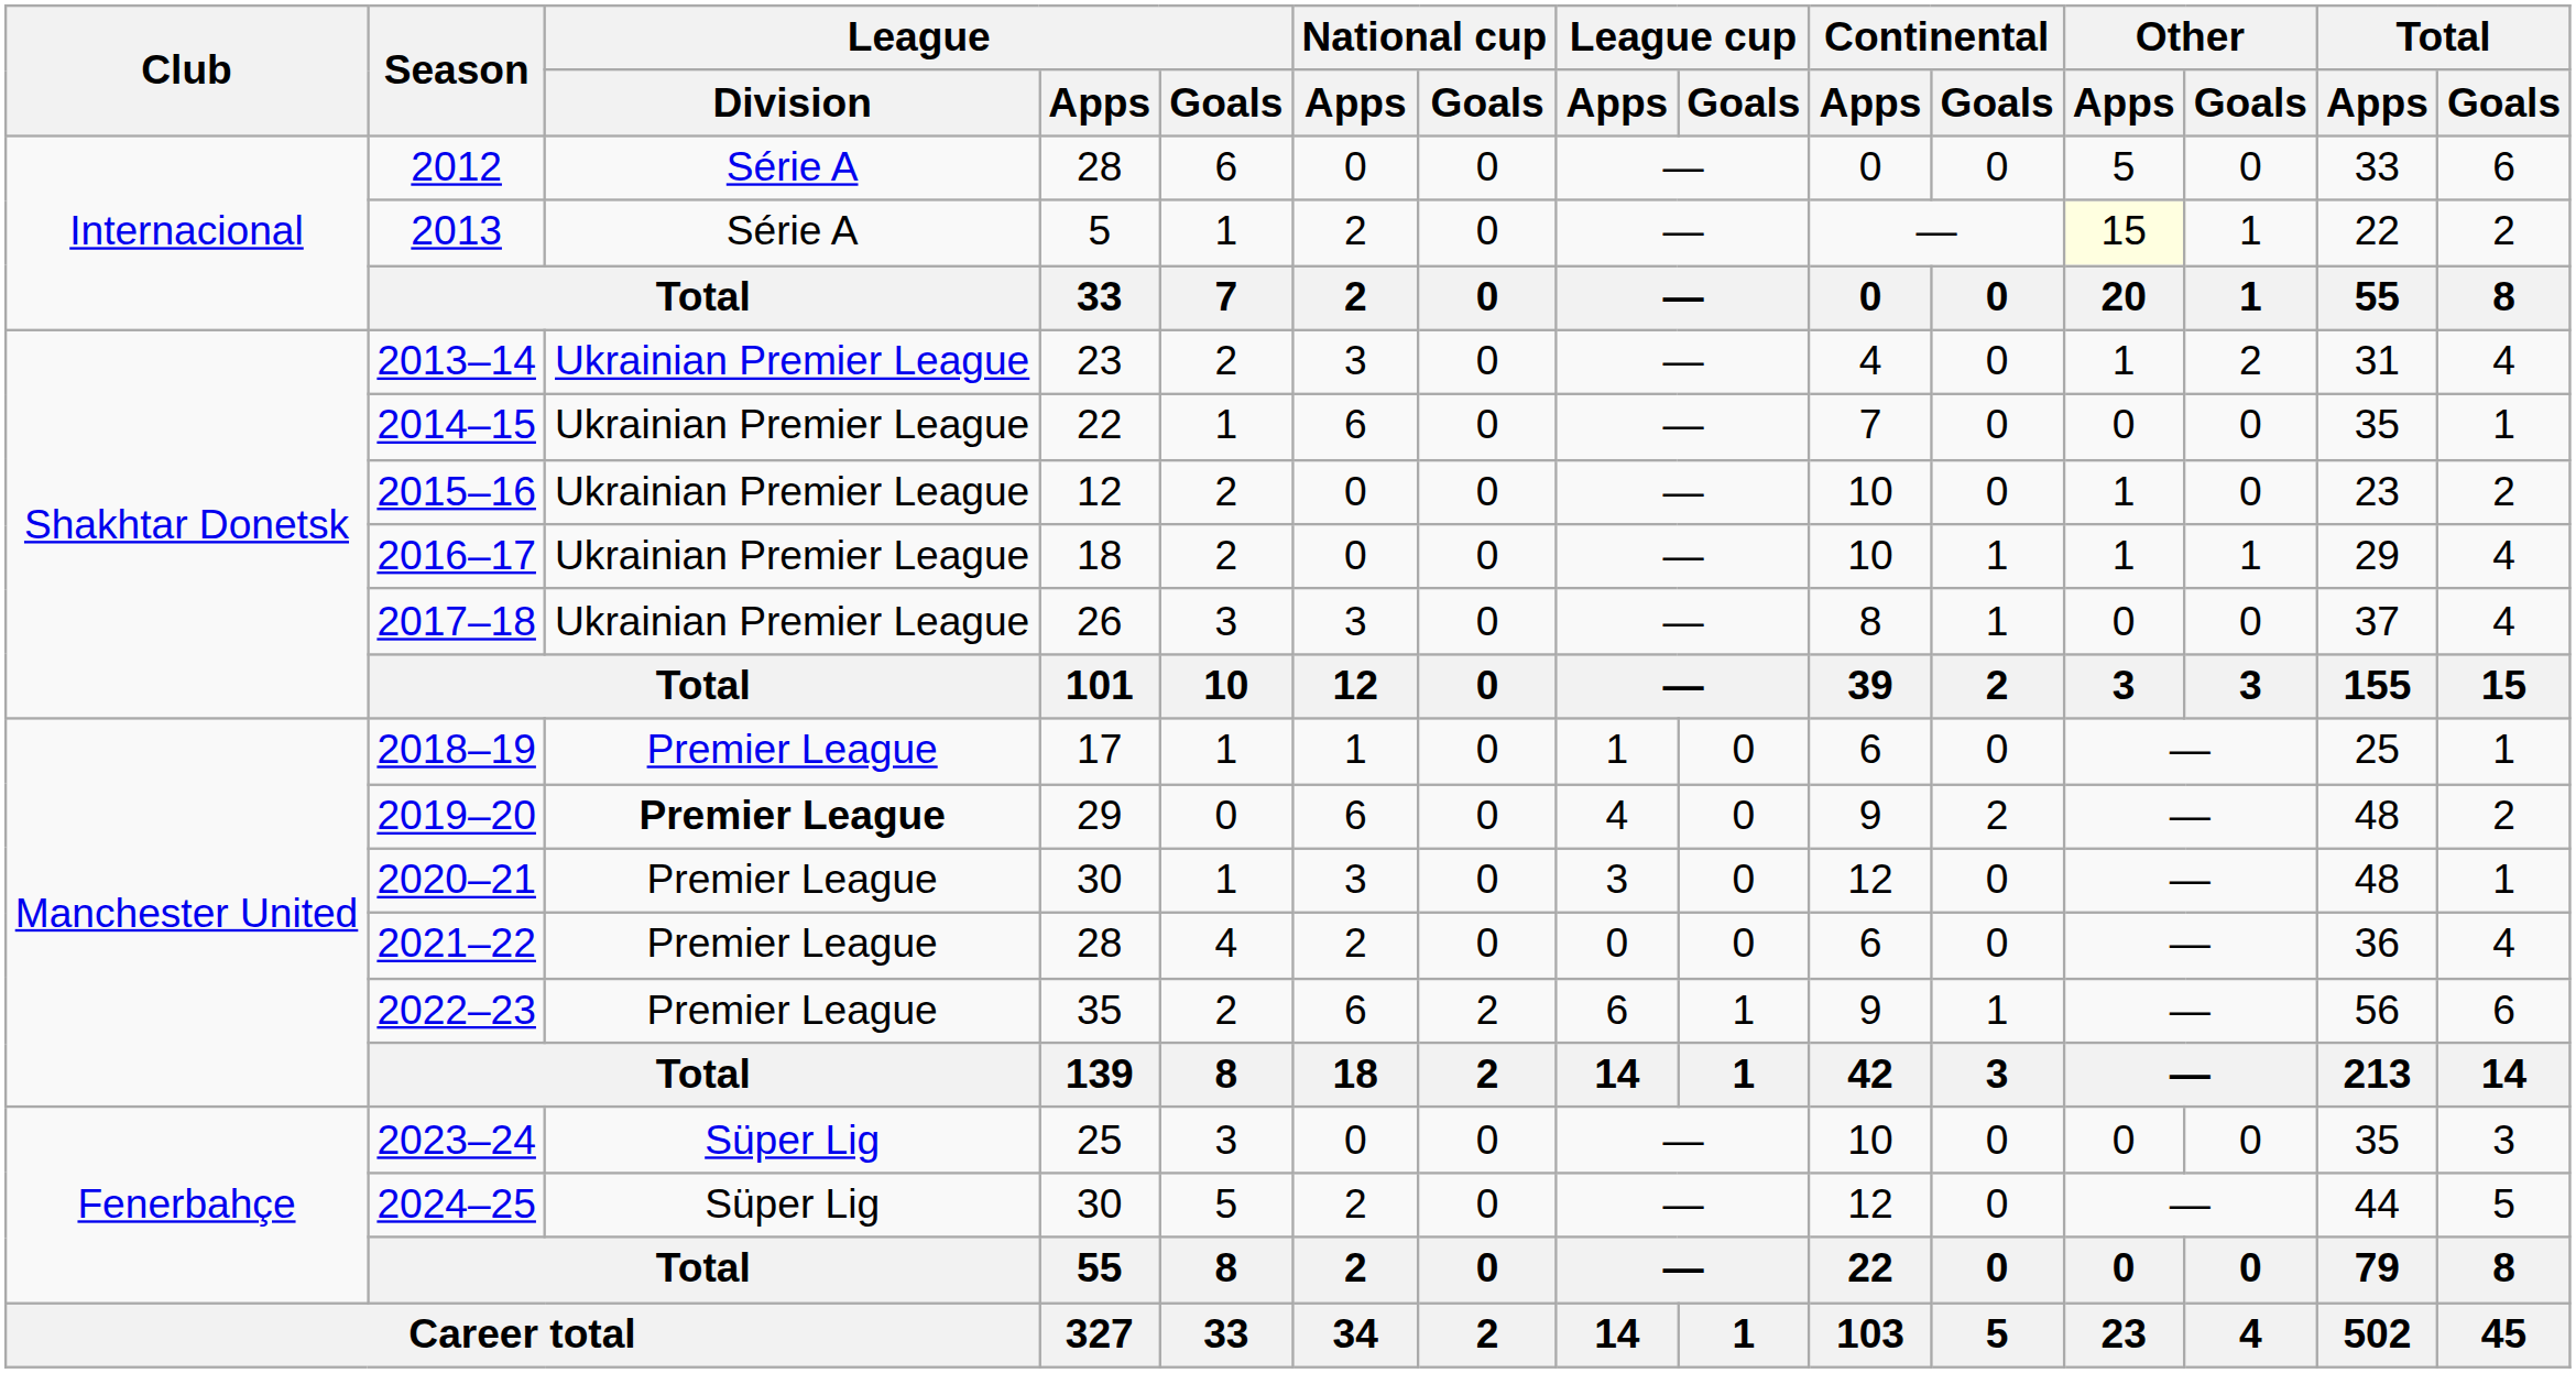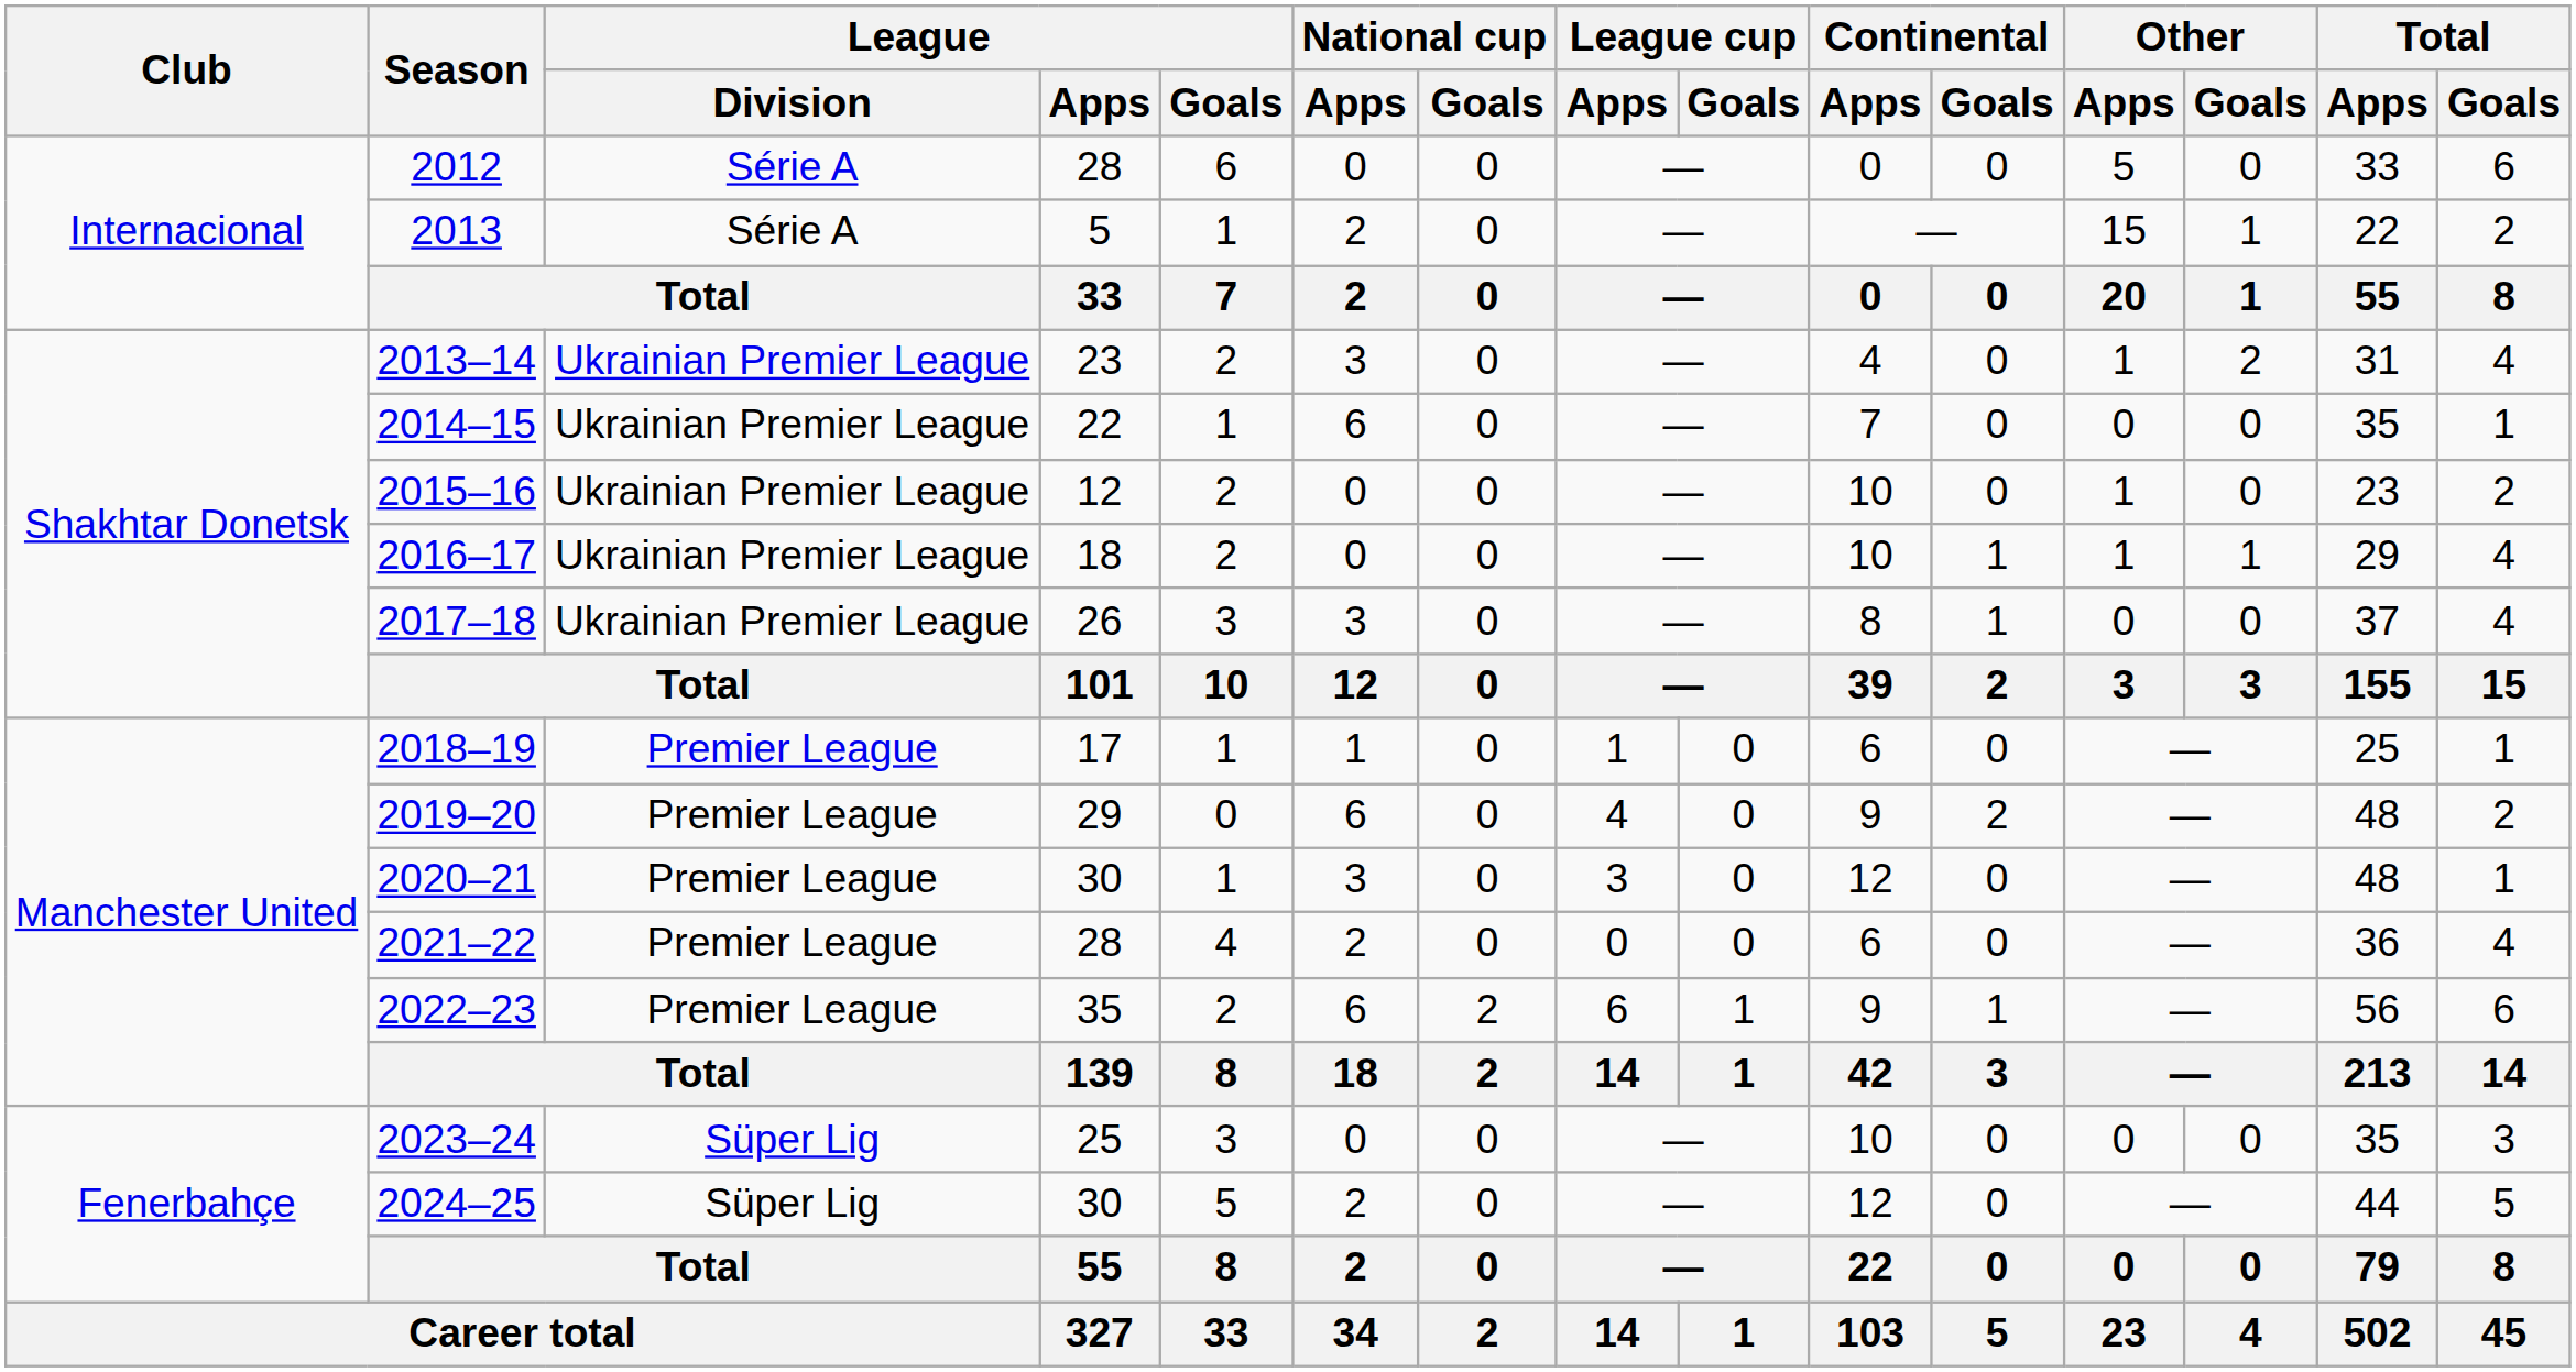 <table class="wikitable" style="text-align:center">
 <tr>
 <th rowspan="2">Club</th>
 <th rowspan="2">Season</th>
 <th colspan="3">League</th>
 <th colspan="2">National cup</th>
 <th colspan="2">League cup</th>
 <th colspan="2">Continental</th>
 <th colspan="2">Other</th>
 <th colspan="2">Total</th>
 </tr>
 <tr>
 <th>Division</th>
 <th>Apps</th>
 <th>Goals</th>
 <th>Apps</th>
 <th>Goals</th>
 <th>Apps</th>
 <th>Goals</th>
 <th>Apps</th>
 <th>Goals</th>
 <th>Apps</th>
 <th>Goals</th>
 <th>Apps</th>
 <th>Goals</th>
 </tr>
 <tr>
 <td rowspan="3"><a href='#'>Internacional</a></td>
 <td><a href='#'>2012</a></td>
 <td><a href='#'>Série A</a></td>
 <td>28</td>
 <td>6</td>
 <td>0</td>
 <td>0</td>
 <td colspan="2">—</td>
 <td>0</td>
 <td>0</td>
 <td>5</td>
 <td>0</td>
 <td>33</td>
 <td>6</td>
 </tr>
 <tr>
 <td><a href='#'>2013</a></td>
 <td>Série A</td>
 <td>5</td>
 <td>1</td>
 <td>2</td>
 <td>0</td>
 <td colspan="2">—</td>
 <td colspan="2">—</td>
-<td style="background: lightyellow;">15</td>
+<td>15</td>
 <td>1</td>
 <td>22</td>
 <td>2</td>
 </tr>
 <tr>
 <th colspan="2">Total</th>
 <th>33</th>
 <th>7</th>
 <th>2</th>
 <th>0</th>
 <th colspan="2">—</th>
 <th>0</th>
 <th>0</th>
 <th>20</th>
 <th>1</th>
 <th>55</th>
 <th>8</th>
 </tr>
 <tr>
 <td rowspan="6"><a href='#'>Shakhtar Donetsk</a></td>
 <td><a href='#'>2013–14</a></td>
 <td><a href='#'>Ukrainian Premier League</a></td>
 <td>23</td>
 <td>2</td>
 <td>3</td>
 <td>0</td>
 <td colspan="2">—</td>
 <td>4</td>
 <td>0</td>
 <td>1</td>
 <td>2</td>
 <td>31</td>
 <td>4</td>
 </tr>
 <tr>
 <td><a href='#'>2014–15</a></td>
 <td>Ukrainian Premier League</td>
 <td>22</td>
 <td>1</td>
 <td>6</td>
 <td>0</td>
 <td colspan="2">—</td>
 <td>7</td>
 <td>0</td>
 <td>0</td>
 <td>0</td>
 <td>35</td>
 <td>1</td>
 </tr>
 <tr>
 <td><a href='#'>2015–16</a></td>
 <td>Ukrainian Premier League</td>
 <td>12</td>
 <td>2</td>
 <td>0</td>
 <td>0</td>
 <td colspan="2">—</td>
 <td>10</td>
 <td>0</td>
 <td>1</td>
 <td>0</td>
 <td>23</td>
 <td>2</td>
 </tr>
 <tr>
 <td><a href='#'>2016–17</a></td>
 <td>Ukrainian Premier League</td>
 <td>18</td>
 <td>2</td>
 <td>0</td>
 <td>0</td>
 <td colspan="2">—</td>
 <td>10</td>
 <td>1</td>
 <td>1</td>
 <td>1</td>
 <td>29</td>
 <td>4</td>
 </tr>
 <tr>
 <td><a href='#'>2017–18</a></td>
 <td>Ukrainian Premier League</td>
 <td>26</td>
 <td>3</td>
 <td>3</td>
 <td>0</td>
 <td colspan="2">—</td>
 <td>8</td>
 <td>1</td>
 <td>0</td>
 <td>0</td>
 <td>37</td>
 <td>4</td>
 </tr>
 <tr>
 <th colspan="2">Total</th>
 <th>101</th>
 <th>10</th>
 <th>12</th>
 <th>0</th>
 <th colspan="2">—</th>
 <th>39</th>
 <th>2</th>
 <th>3</th>
 <th>3</th>
 <th>155</th>
 <th>15</th>
 </tr>
 <tr>
 <td rowspan="6"><a href='#'>Manchester United</a></td>
 <td><a href='#'>2018–19</a></td>
 <td><a href='#'>Premier League</a></td>
 <td>17</td>
 <td>1</td>
 <td>1</td>
 <td>0</td>
 <td>1</td>
 <td>0</td>
 <td>6</td>
 <td>0</td>
 <td colspan="2">—</td>
 <td>25</td>
 <td>1</td>
 </tr>
 <tr>
 <td><a href='#'>2019–20</a></td>
-<td><strong>Premier League</strong></td>
+<td>Premier League</td>
 <td>29</td>
 <td>0</td>
 <td>6</td>
 <td>0</td>
 <td>4</td>
 <td>0</td>
 <td>9</td>
 <td>2</td>
 <td colspan="2">—</td>
 <td>48</td>
 <td>2</td>
 </tr>
 <tr>
 <td><a href='#'>2020–21</a></td>
 <td>Premier League</td>
 <td>30</td>
 <td>1</td>
 <td>3</td>
 <td>0</td>
 <td>3</td>
 <td>0</td>
 <td>12</td>
 <td>0</td>
 <td colspan="2">—</td>
 <td>48</td>
 <td>1</td>
 </tr>
 <tr>
 <td><a href='#'>2021–22</a></td>
 <td>Premier League</td>
 <td>28</td>
 <td>4</td>
 <td>2</td>
 <td>0</td>
 <td>0</td>
 <td>0</td>
 <td>6</td>
 <td>0</td>
 <td colspan="2">—</td>
 <td>36</td>
 <td>4</td>
 </tr>
 <tr>
 <td><a href='#'>2022–23</a></td>
 <td>Premier League</td>
 <td>35</td>
 <td>2</td>
 <td>6</td>
 <td>2</td>
 <td>6</td>
 <td>1</td>
 <td>9</td>
 <td>1</td>
 <td colspan="2">—</td>
 <td>56</td>
 <td>6</td>
 </tr>
 <tr>
 <th colspan="2">Total</th>
 <th>139</th>
 <th>8</th>
 <th>18</th>
 <th>2</th>
 <th>14</th>
 <th>1</th>
 <th>42</th>
 <th>3</th>
 <th colspan="2">—</th>
 <th>213</th>
 <th>14</th>
 </tr>
 <tr>
 <td rowspan="3"><a href='#'>Fenerbahçe</a></td>
 <td><a href='#'>2023–24</a></td>
 <td><a href='#'>Süper Lig</a></td>
 <td>25</td>
 <td>3</td>
 <td>0</td>
 <td>0</td>
 <td colspan="2">—</td>
 <td>10</td>
 <td>0</td>
 <td>0</td>
 <td>0</td>
 <td>35</td>
 <td>3</td>
 </tr>
 <tr>
 <td><a href='#'>2024–25</a></td>
 <td>Süper Lig</td>
 <td>30</td>
 <td>5</td>
 <td>2</td>
 <td>0</td>
 <td colspan="2">—</td>
 <td>12</td>
 <td>0</td>
 <td colspan="2">—</td>
 <td>44</td>
 <td>5</td>
 </tr>
 <tr>
 <th colspan="2">Total</th>
 <th>55</th>
 <th>8</th>
 <th>2</th>
 <th>0</th>
 <th colspan="2">—</th>
 <th>22</th>
 <th>0</th>
 <th>0</th>
 <th>0</th>
 <th>79</th>
 <th>8</th>
 </tr>
 <tr>
 <th colspan="3">Career total</th>
 <th>327</th>
 <th>33</th>
 <th>34</th>
 <th>2</th>
 <th>14</th>
 <th>1</th>
 <th>103</th>
 <th>5</th>
 <th>23</th>
 <th>4</th>
 <th>502</th>
 <th>45</th>
 </tr>
 </table>
